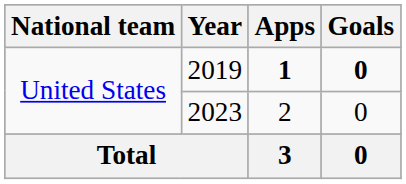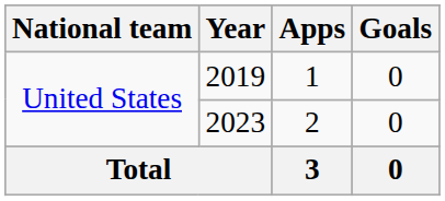 <table class="wikitable" style="text-align:center">
 <tr>
 <th>National team</th>
 <th>Year</th>
 <th>Apps</th>
 <th>Goals</th>
 </tr>
 <tr>
 <td rowspan="2"><a href='#'>United States</a></td>
 <td>2019</td>
-<td><strong>1</strong></td>
-<td><strong>0</strong></td>
+<td>1</td>
+<td>0</td>
 </tr>
 <tr>
 <td>2023</td>
 <td>2</td>
 <td>0</td>
 </tr>
 <tr>
 <th colspan="2">Total</th>
 <th>3</th>
 <th>0</th>
 </tr>
 </table>
